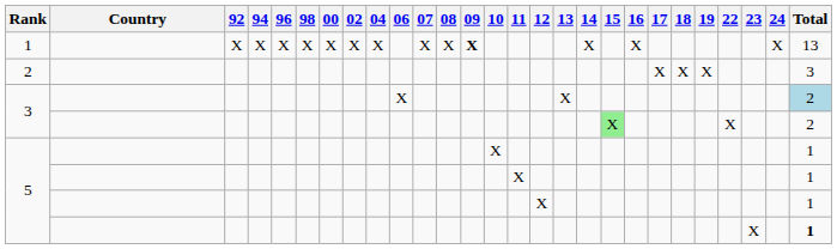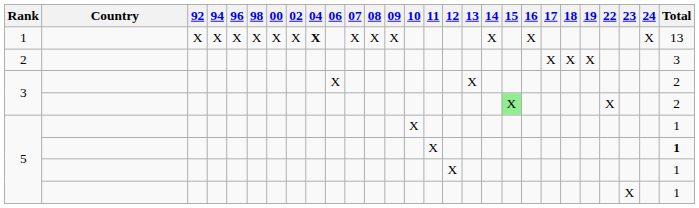 <table class=wikitable style="font-size:90%; text-align:center">
 <tr>
 <th>Rank</th>
 <th width=150>Country</th>
 <th><a href='#'>92</a></th>
 <th><a href='#'>94</a></th>
 <th><a href='#'>96</a></th>
 <th><a href='#'>98</a></th>
 <th><a href='#'>00</a></th>
 <th><a href='#'>02</a></th>
 <th><a href='#'>04</a></th>
 <th><a href='#'>06</a></th>
 <th><a href='#'>07</a></th>
 <th><a href='#'>08</a></th>
 <th><a href='#'>09</a></th>
 <th><a href='#'>10</a></th>
 <th><a href='#'>11</a></th>
 <th><a href='#'>12</a></th>
 <th><a href='#'>13</a></th>
 <th><a href='#'>14</a></th>
 <th><a href='#'>15</a></th>
 <th><a href='#'>16</a></th>
 <th><a href='#'>17</a></th>
 <th><a href='#'>18</a></th>
 <th><a href='#'>19</a></th>
 <th><a href='#'>22</a></th>
 <th><a href='#'>23</a></th>
 <th><a href='#'>24</a></th>
 <th>Total</th>
 </tr>
 <tr>
 <td>1</td>
 <td align=left></td>
 <td>X</td>
 <td>X</td>
 <td>X</td>
 <td>X</td>
 <td>X</td>
 <td>X</td>
-<td>X</td>
+<td><strong>X</strong></td>
 <td></td>
 <td>X</td>
 <td>X</td>
-<td><strong>X</strong></td>
+<td>X</td>
 <td></td>
 <td></td>
 <td></td>
 <td></td>
 <td>X</td>
 <td></td>
 <td>X</td>
 <td></td>
 <td></td>
 <td></td>
 <td></td>
 <td></td>
 <td>X</td>
 <td>13</td>
 </tr>
 <tr>
 <td>2</td>
 <td align=left></td>
 <td></td>
 <td></td>
 <td></td>
 <td></td>
 <td></td>
 <td></td>
 <td></td>
 <td></td>
 <td></td>
 <td></td>
 <td></td>
 <td></td>
 <td></td>
 <td></td>
 <td></td>
 <td></td>
 <td></td>
 <td></td>
 <td>X</td>
 <td>X</td>
 <td>X</td>
 <td></td>
 <td></td>
 <td></td>
 <td>3</td>
 </tr>
 <tr>
 <td rowspan=2>3</td>
 <td align=left></td>
 <td></td>
 <td></td>
 <td></td>
 <td></td>
 <td></td>
 <td></td>
 <td></td>
 <td>X</td>
 <td></td>
 <td></td>
 <td></td>
 <td></td>
 <td></td>
 <td></td>
 <td>X</td>
 <td></td>
 <td></td>
 <td></td>
 <td></td>
 <td></td>
 <td></td>
 <td></td>
 <td></td>
 <td></td>
-<td style="background: lightblue;">2</td>
+<td>2</td>
 </tr>
 <tr>
 <td align=left></td>
 <td></td>
 <td></td>
 <td></td>
 <td></td>
 <td></td>
 <td></td>
 <td></td>
 <td></td>
 <td></td>
 <td></td>
 <td></td>
 <td></td>
 <td></td>
 <td></td>
 <td></td>
 <td></td>
 <td style="background: lightgreen;">X</td>
 <td></td>
 <td></td>
 <td></td>
 <td></td>
 <td>X</td>
 <td></td>
 <td></td>
 <td>2</td>
 </tr>
 <tr>
 <td rowspan=4>5</td>
 <td align=left></td>
 <td></td>
 <td></td>
 <td></td>
 <td></td>
 <td></td>
 <td></td>
 <td></td>
 <td></td>
 <td></td>
 <td></td>
 <td></td>
 <td>X</td>
 <td></td>
 <td></td>
 <td></td>
 <td></td>
 <td></td>
 <td></td>
 <td></td>
 <td></td>
 <td></td>
 <td></td>
 <td></td>
 <td></td>
 <td>1</td>
 </tr>
 <tr>
 <td align=left></td>
 <td></td>
 <td></td>
 <td></td>
 <td></td>
 <td></td>
 <td></td>
 <td></td>
 <td></td>
 <td></td>
 <td></td>
 <td></td>
 <td></td>
 <td>X</td>
 <td></td>
 <td></td>
 <td></td>
 <td></td>
 <td></td>
 <td></td>
 <td></td>
 <td></td>
 <td></td>
 <td></td>
 <td></td>
-<td>1</td>
+<td><strong>1</strong></td>
 </tr>
 <tr>
 <td align=left></td>
 <td></td>
 <td></td>
 <td></td>
 <td></td>
 <td></td>
 <td></td>
 <td></td>
 <td></td>
 <td></td>
 <td></td>
 <td></td>
 <td></td>
 <td></td>
 <td>X</td>
 <td></td>
 <td></td>
 <td></td>
 <td></td>
 <td></td>
 <td></td>
 <td></td>
 <td></td>
 <td></td>
 <td></td>
 <td>1</td>
 </tr>
 <tr>
 <td align=left></td>
 <td></td>
 <td></td>
 <td></td>
 <td></td>
 <td></td>
 <td></td>
 <td></td>
 <td></td>
 <td></td>
 <td></td>
 <td></td>
 <td></td>
 <td></td>
 <td></td>
 <td></td>
 <td></td>
 <td></td>
 <td></td>
 <td></td>
 <td></td>
 <td></td>
 <td></td>
 <td>X</td>
 <td></td>
-<td><strong>1</strong></td>
+<td>1</td>
 </tr>
 </table>
